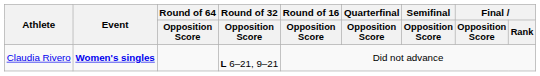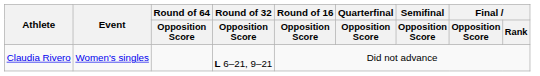 <table class=wikitable style="font-size:90%">
 <tr>
 <th rowspan="2">Athlete</th>
 <th rowspan="2">Event</th>
 <th>Round of 64</th>
 <th>Round of 32</th>
 <th>Round of 16</th>
 <th>Quarterfinal</th>
 <th>Semifinal</th>
 <th colspan=2>Final / </th>
 </tr>
 <tr style="font-size:95%">
 <th>Opposition<br>Score</th>
 <th>Opposition<br>Score</th>
 <th>Opposition<br>Score</th>
 <th>Opposition<br>Score</th>
 <th>Opposition<br>Score</th>
 <th>Opposition<br>Score</th>
 <th>Rank</th>
 </tr>
 <tr align=center>
 <td align=left><a href='#'>Claudia Rivero</a></td>
-<td align=left><strong><a href='#'>Women's singles</a></strong></td>
+<td align=left><a href='#'>Women's singles</a></td>
 <td></td>
 <td><br><strong>L</strong> 6–21, 9–21</td>
 <td colspan=5>Did not advance</td>
 </tr>
 </table>
